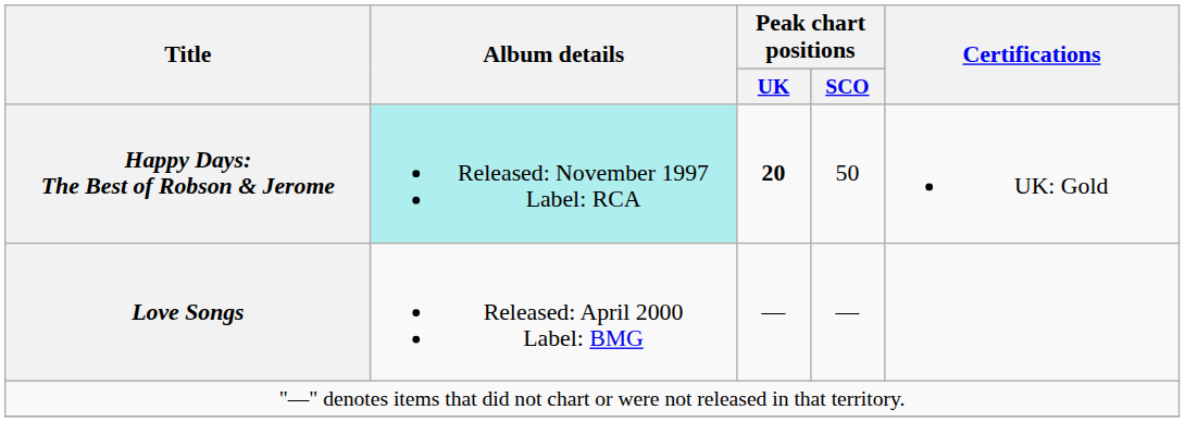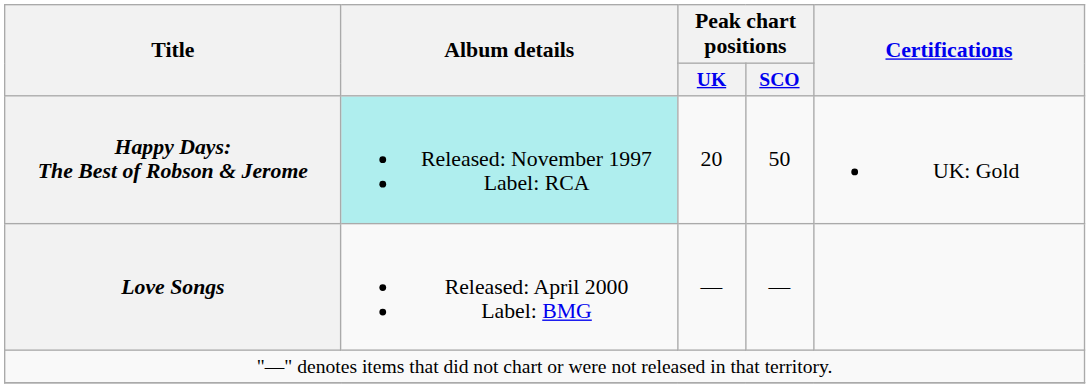 <table class="wikitable plainrowheaders" style="text-align:center;">
 <tr>
 <th scope="col" rowspan="2" style="width:15em;">Title</th>
 <th scope="col" rowspan="2" style="width:15em;">Album details</th>
 <th scope="col" colspan="2">Peak chart positions</th>
 <th rowspan="2" style="width:12em;"><a href='#'>Certifications</a></th>
 </tr>
 <tr>
 <th scope="col" style="width:3em;font-size:90%;"><a href='#'>UK</a><br></th>
 <th scope="col" style="width:3em;font-size:90%;"><a href='#'>SCO</a><br></th>
 </tr>
 <tr>
 <th scope="row"><em>Happy Days:<br> The Best of Robson & Jerome</em></th>
 <td style="background: paleturquoise;"><br><ul><li>Released: November 1997</li><li>Label: RCA</li></ul></td>
-<td><strong>20</strong></td>
+<td>20</td>
 <td>50</td>
 <td><br><ul><li>UK: Gold </li></ul></td>
 </tr>
 <tr>
 <th scope="row"><em>Love Songs</em></th>
 <td><br><ul><li>Released: April 2000</li><li>Label: <a href='#'>BMG</a></li></ul></td>
 <td>—</td>
 <td>—</td>
 <td></td>
 </tr>
 <tr>
 <td align="center" colspan="15" style="font-size:90%">"—" denotes items that did not chart or were not released in that territory.</td>
 </tr>
 <tr>
 </tr>
 </table>
